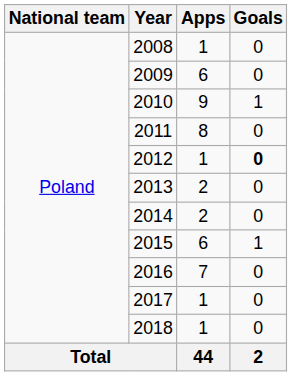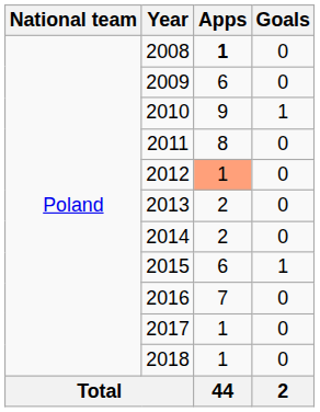 <table class="wikitable" style="text-align:center">
 <tr>
 <th>National team</th>
 <th>Year</th>
 <th>Apps</th>
 <th>Goals</th>
 </tr>
 <tr>
 <td rowspan="11"><a href='#'>Poland</a></td>
 <td>2008</td>
-<td>1</td>
+<td><strong>1</strong></td>
 <td>0</td>
 </tr>
 <tr>
 <td>2009</td>
 <td>6</td>
 <td>0</td>
 </tr>
 <tr>
 <td>2010</td>
 <td>9</td>
 <td>1</td>
 </tr>
 <tr>
 <td>2011</td>
 <td>8</td>
 <td>0</td>
 </tr>
 <tr>
 <td>2012</td>
-<td>1</td>
-<td><strong>0</strong></td>
+<td style="background: lightsalmon;">1</td>
+<td>0</td>
 </tr>
 <tr>
 <td>2013</td>
 <td>2</td>
 <td>0</td>
 </tr>
 <tr>
 <td>2014</td>
 <td>2</td>
 <td>0</td>
 </tr>
 <tr>
 <td>2015</td>
 <td>6</td>
 <td>1</td>
 </tr>
 <tr>
 <td>2016</td>
 <td>7</td>
 <td>0</td>
 </tr>
 <tr>
 <td>2017</td>
 <td>1</td>
 <td>0</td>
 </tr>
 <tr>
 <td>2018</td>
 <td>1</td>
 <td>0</td>
 </tr>
 <tr>
 <th colspan="2">Total</th>
 <th>44</th>
 <th>2</th>
 </tr>
 </table>
